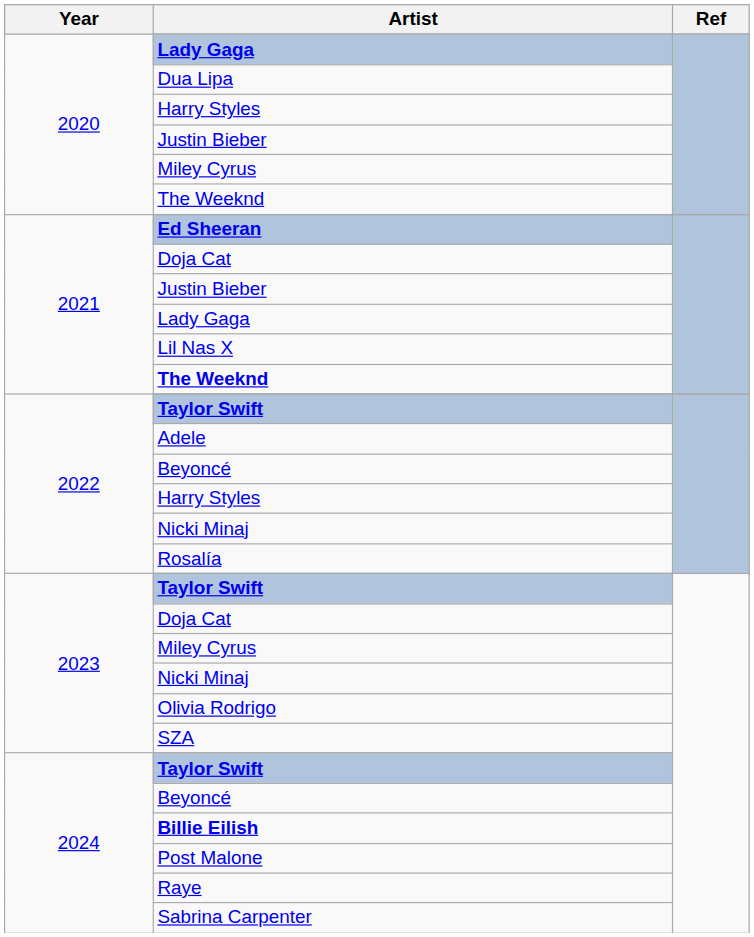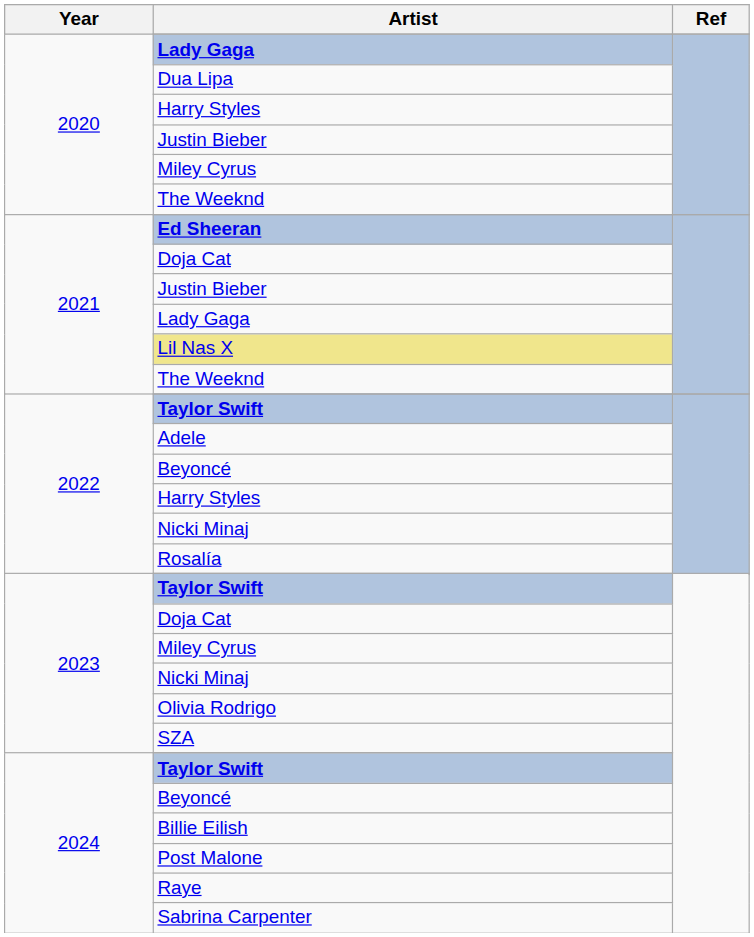 <table class="wikitable" style="width:50%;">
 <tr style="background:#bebebe;">
 <th style="width:10%;">Year</th>
 <th style="width:35%;">Artist</th>
 <th style="width:5%;">Ref</th>
 </tr>
 <tr>
 <td rowspan="7" align="center"><a href='#'>2020</a></td>
 </tr>
 <tr style="background:#B0C4DE">
 <td><strong><a href='#'>Lady Gaga</a></strong></td>
 <td rowspan="6" align="center"></td>
 </tr>
 <tr>
 <td><a href='#'>Dua Lipa</a></td>
 </tr>
 <tr>
 <td><a href='#'>Harry Styles</a></td>
 </tr>
 <tr>
 <td><a href='#'>Justin Bieber</a></td>
 </tr>
 <tr>
 <td><a href='#'>Miley Cyrus</a></td>
 </tr>
 <tr>
 <td><a href='#'>The Weeknd</a></td>
 </tr>
 <tr>
 <td rowspan="7" align="center"><a href='#'>2021</a></td>
 </tr>
 <tr style="background:#B0C4DE">
 <td><strong><a href='#'>Ed Sheeran</a></strong></td>
 <td rowspan="6" align="center"></td>
 </tr>
 <tr>
 <td><a href='#'>Doja Cat</a></td>
 </tr>
 <tr>
 <td><a href='#'>Justin Bieber</a></td>
 </tr>
 <tr>
 <td><a href='#'>Lady Gaga</a></td>
 </tr>
 <tr>
-<td><a href='#'>Lil Nas X</a></td>
+<td style="background: khaki;"><a href='#'>Lil Nas X</a></td>
 </tr>
 <tr>
-<td><strong><a href='#'>The Weeknd</a></strong></td>
+<td><a href='#'>The Weeknd</a></td>
 </tr>
 <tr>
 <td rowspan="7" align="center"><a href='#'>2022</a></td>
 </tr>
 <tr style="background:#B0C4DE">
 <td><strong><a href='#'>Taylor Swift</a></strong></td>
 <td rowspan="7" align="center"></td>
 </tr>
 <tr>
 <td><a href='#'>Adele</a></td>
 </tr>
 <tr>
 <td><a href='#'>Beyoncé</a></td>
 </tr>
 <tr>
 <td><a href='#'>Harry Styles</a></td>
 </tr>
 <tr>
 <td><a href='#'>Nicki Minaj</a></td>
 </tr>
 <tr>
 <td><a href='#'>Rosalía</a></td>
 </tr>
 <tr>
 <td rowspan="7" align="center"><a href='#'>2023</a></td>
 </tr>
 <tr style="background:#B0C4DE">
 <td><strong><a href='#'>Taylor Swift</a></strong></td>
 </tr>
 <tr>
 <td><a href='#'>Doja Cat</a></td>
 </tr>
 <tr>
 <td><a href='#'>Miley Cyrus</a></td>
 </tr>
 <tr>
 <td><a href='#'>Nicki Minaj</a></td>
 </tr>
 <tr>
 <td><a href='#'>Olivia Rodrigo</a></td>
 </tr>
 <tr>
 <td><a href='#'>SZA</a></td>
 </tr>
 <tr>
 <td rowspan="7" align="center"><a href='#'>2024</a></td>
 </tr>
 <tr style="background:#B0C4DE">
 <td><strong><a href='#'>Taylor Swift</a></strong></td>
 </tr>
 <tr>
 <td><a href='#'>Beyoncé</a></td>
 </tr>
 <tr>
-<td><strong><a href='#'>Billie Eilish</a></strong></td>
+<td><a href='#'>Billie Eilish</a></td>
 </tr>
 <tr>
 <td><a href='#'>Post Malone</a></td>
 </tr>
 <tr>
 <td><a href='#'>Raye</a></td>
 </tr>
 <tr>
 <td><a href='#'>Sabrina Carpenter</a></td>
 </tr>
 </table>
